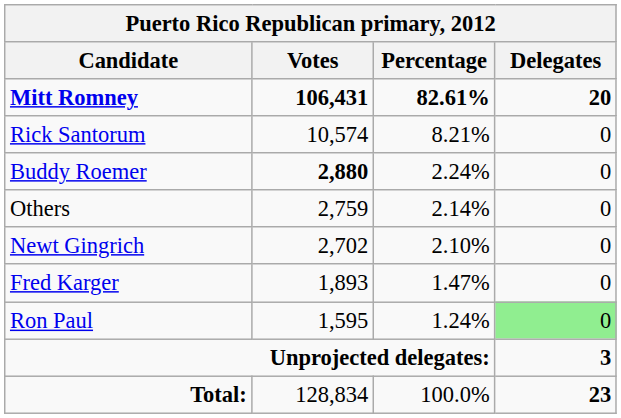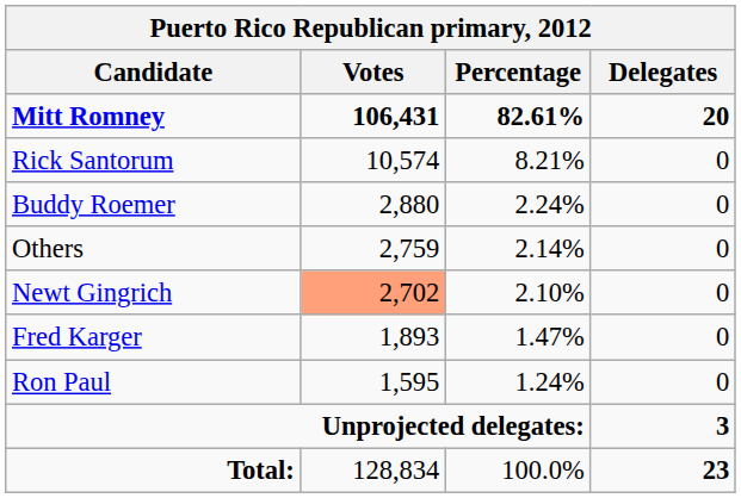 <table class="wikitable" style="font-size:95%;">
 <tr>
 <th colspan="4">Puerto Rico Republican primary, 2012 </th>
 </tr>
 <tr>
 <th rowspan="1" width="160px">Candidate</th>
 <th rowspan="1" width="75px">Votes</th>
 <th rowspan="1" width="75px">Percentage</th>
 <th rowspan="1" width="75px">Delegates</th>
 </tr>
 <tr align="right" >
 <td align="left"><strong> <a href='#'>Mitt Romney</a></strong></td>
 <td><strong>106,431</strong></td>
 <td><strong>82.61%</strong></td>
 <td><strong>20</strong></td>
 </tr>
 <tr align="right">
 <td align="left"><a href='#'>Rick Santorum</a></td>
 <td>10,574</td>
 <td>8.21%</td>
 <td>0</td>
 </tr>
 <tr align="right">
 <td align="left"><a href='#'>Buddy Roemer</a></td>
-<td><strong>2,880</strong></td>
+<td>2,880</td>
 <td>2.24%</td>
 <td>0</td>
 </tr>
 <tr align="right">
 <td align="left">Others</td>
 <td>2,759</td>
 <td>2.14%</td>
 <td>0</td>
 </tr>
 <tr align="right">
 <td align="left"><a href='#'>Newt Gingrich</a></td>
-<td>2,702</td>
+<td style="background: lightsalmon;">2,702</td>
 <td>2.10%</td>
 <td>0</td>
 </tr>
 <tr align="right">
 <td align="left"><a href='#'>Fred Karger</a></td>
 <td>1,893</td>
 <td>1.47%</td>
 <td>0</td>
 </tr>
 <tr align="right">
 <td align="left"><a href='#'>Ron Paul</a></td>
 <td>1,595</td>
 <td>1.24%</td>
-<td style="background: lightgreen;">0</td>
+<td>0</td>
 </tr>
 <tr align="right">
 <td colspan="3"><strong>Unprojected delegates:</strong></td>
 <td><strong>3</strong></td>
 </tr>
 <tr align="right">
 <td><strong>Total:</strong></td>
 <td>128,834</td>
 <td>100.0%</td>
 <td><strong>23</strong></td>
 </tr>
 </table>
